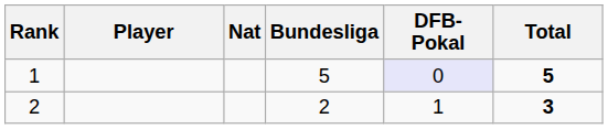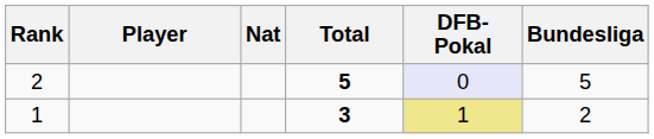 <table class="wikitable sortable nowrap" style="text-align:center;">
 <tr>
 <th>Rank</th>
 <th width=120>Player</th>
 <th>Nat</th>
+<th width=80>Total</th>
+<th width=80>DFB-Pokal</th>
 <th width=80>Bundesliga</th>
-<th width=80>DFB-Pokal</th>
-<th width=80>Total</th>
+</tr>
+<tr>
+<td>2</td>
+<td align="left"></td>
+<td></td>
+<td><strong>5</strong></td>
+<td style="background: lavender;">0</td>
+<td>5</td>
 </tr>
 <tr>
 <td>1</td>
 <td align="left"></td>
 <td></td>
-<td>5</td>
-<td style="background: lavender;">0</td>
-<td><strong>5</strong></td>
-</tr>
-<tr>
+<td><strong>3</strong></td>
+<td style="background: khaki;">1</td>
 <td>2</td>
-<td align="left"></td>
-<td></td>
-<td>2</td>
-<td>1</td>
-<td><strong>3</strong></td>
 </tr>
 </table>
